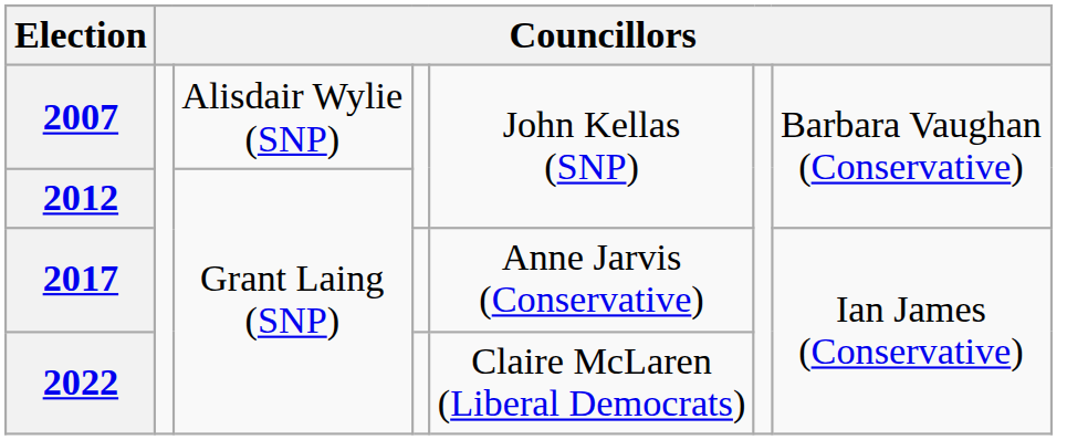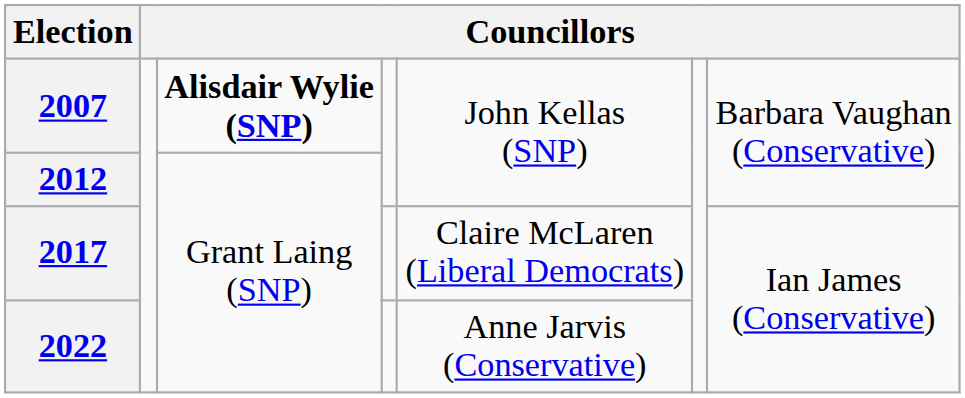 <table class="wikitable" style="text-align:center">
 <tr>
 <th>Election</th>
 <th colspan=8>Councillors</th>
 </tr>
 <tr>
 <th><a href='#'>2007</a></th>
 <td rowspan=4; style="background-color: "></td>
-<td rowspan=1>Alisdair Wylie<br>(<a href='#'>SNP</a>)</td>
+<td rowspan=1><strong>Alisdair Wylie<br>(<a href='#'>SNP</a>)</strong></td>
 <td rowspan=2; style="background-color: "></td>
 <td rowspan=2>John Kellas<br>(<a href='#'>SNP</a>)</td>
 <td rowspan=4; style="background-color: "></td>
 <td rowspan=2>Barbara Vaughan<br>(<a href='#'>Conservative</a>)</td>
 </tr>
 <tr>
 <th><a href='#'>2012</a></th>
 <td rowspan=3>Grant Laing<br>(<a href='#'>SNP</a>)</td>
 </tr>
 <tr>
 <th><a href='#'>2017</a></th>
 <td rowspan=1; style="background-color: "></td>
-<td rowspan=1>Anne Jarvis<br>(<a href='#'>Conservative</a>)</td>
+<td rowspan=1>Claire McLaren<br>(<a href='#'>Liberal Democrats</a>)</td>
 <td rowspan=2>Ian James<br>(<a href='#'>Conservative</a>)</td>
 </tr>
 <tr>
 <th><a href='#'>2022</a></th>
 <td rowspan=1; style="background-color: "></td>
-<td rowspan=1>Claire McLaren<br>(<a href='#'>Liberal Democrats</a>)</td>
+<td rowspan=1>Anne Jarvis<br>(<a href='#'>Conservative</a>)</td>
 </tr>
 </table>
